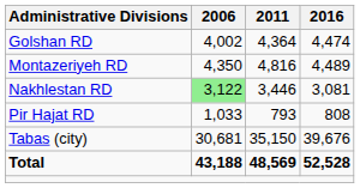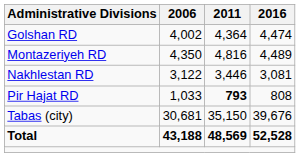 <table class="wikitable">
 <tr>
 <th>Administrative Divisions</th>
 <th>2006</th>
 <th>2011</th>
 <th>2016</th>
 </tr>
 <tr>
 <td><a href='#'>Golshan RD</a></td>
 <td style="text-align: right;">4,002</td>
 <td style="text-align: right;">4,364</td>
 <td style="text-align: right;">4,474</td>
 </tr>
 <tr>
 <td><a href='#'>Montazeriyeh RD</a></td>
 <td style="text-align: right;">4,350</td>
 <td style="text-align: right;">4,816</td>
 <td style="text-align: right;">4,489</td>
 </tr>
 <tr>
 <td><a href='#'>Nakhlestan RD</a></td>
-<td style="background: lightgreen; text-align: right;">3,122</td>
+<td style="text-align: right;">3,122</td>
 <td style="text-align: right;">3,446</td>
 <td style="text-align: right;">3,081</td>
 </tr>
 <tr>
 <td><a href='#'>Pir Hajat RD</a></td>
 <td style="text-align: right;">1,033</td>
-<td style="text-align: right;">793</td>
+<td style="text-align: right;"><strong>793</strong></td>
 <td style="text-align: right;">808</td>
 </tr>
 <tr>
 <td><a href='#'>Tabas</a> (city)</td>
 <td style="text-align: right;">30,681</td>
 <td style="text-align: right;">35,150</td>
 <td style="text-align: right;">39,676</td>
 </tr>
 <tr>
 <td><strong>Total</strong></td>
 <td style="text-align: right;"><strong>43,188</strong></td>
 <td style="text-align: right;"><strong>48,569</strong></td>
 <td style="text-align: right;"><strong>52,528</strong></td>
 </tr>
 <tr>
 <td colspan=4></td>
 </tr>
 </table>
